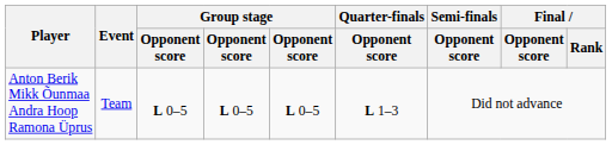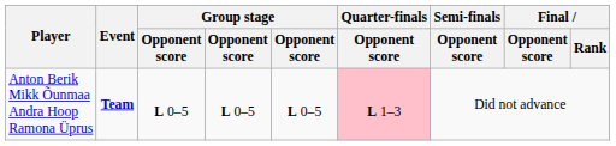 <table class="wikitable" style="font-size:90%; text-align:center">
 <tr>
 <th rowspan="2">Player</th>
 <th rowspan="2">Event</th>
 <th colspan="3">Group stage</th>
 <th>Quarter-finals</th>
 <th>Semi-finals</th>
 <th colspan="2">Final / </th>
 </tr>
 <tr>
 <th>Opponent<br>score</th>
 <th>Opponent<br>score</th>
 <th>Opponent<br>score</th>
 <th>Opponent<br>score</th>
 <th>Opponent<br>score</th>
 <th>Opponent<br>score</th>
 <th>Rank</th>
 </tr>
 <tr>
 <td align="left"><a href='#'>Anton Berik</a><br><a href='#'>Mikk Õunmaa</a><br><a href='#'>Andra Hoop</a><br><a href='#'>Ramona Üprus</a></td>
-<td><a href='#'>Team</a></td>
+<td><strong><a href='#'>Team</a></strong></td>
 <td><br><strong>L</strong> 0–5</td>
 <td><br><strong>L</strong> 0–5</td>
 <td><br><strong>L</strong> 0–5</td>
-<td><br><strong>L</strong> 1–3</td>
+<td style="background: pink;"><br><strong>L</strong> 1–3</td>
 <td colspan=3>Did not advance</td>
 </tr>
 </table>
